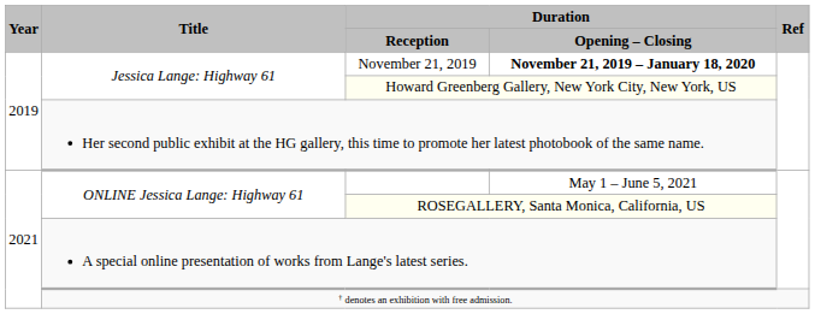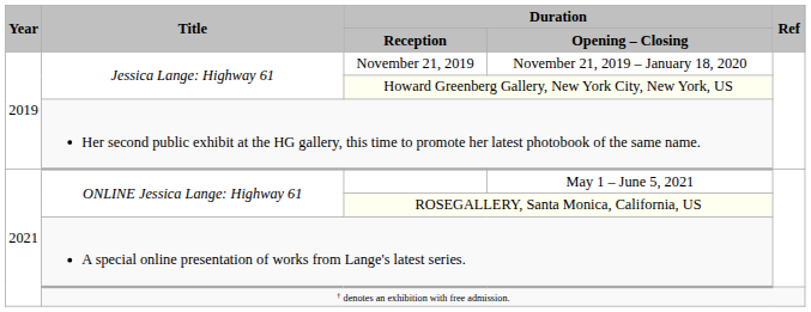 <table class="wikitable">
 <tr>
 <th rowspan=2 style=background-color:#C0C0C0 width=4%>Year</th>
 <th rowspan=2 style=background-color:#C0C0C0 width=38%>Title</th>
 <th colspan=2 style=background-color:#C0C0C0 width=54%>Duration</th>
 <th rowspan=2 style=background-color:#C0C0C0 width=4%>Ref</th>
 </tr>
 <tr>
 <th style=background-color:#C0C0C0 width=18%>Reception</th>
 <th style=background-color:#C0C0C0 width=36%>Opening – Closing</th>
 </tr>
 <tr>
 <td rowspan=3 align=center style=background:white>2019</td>
 <td rowspan=2 align=center style="background:white"><em>Jessica Lange: Highway 61</em></td>
 <td align=center style=background:white>November 21, 2019</td>
-<td align=center style=background:white><strong>November 21, 2019 – January 18, 2020</strong></td>
+<td align=center style=background:white>November 21, 2019 – January 18, 2020</td>
 <td rowspan=3 align=center style=background:white width=4%></td>
 </tr>
 <tr>
 <td colspan=2 align=center style=background-color:#FFFFF0>Howard Greenberg Gallery, New York City, New York, US</td>
 </tr>
 <tr>
 <td colspan=3 style=border-bottom-width:3px padding:5px width=92%><br><ul><li>Her second public exhibit at the HG gallery, this time to promote her latest photobook of the same name.</li></ul></td>
 </tr>
 <tr>
 <td rowspan=12 align=center style=background:white>2021</td>
 <td rowspan=2 align=center style=background:white><em>ONLINE Jessica Lange: Highway 61</em></td>
 <td align=center style=background:white></td>
 <td align=center style=background:white>May 1 – June 5, 2021</td>
 <td rowspan=3 align=center style=background:white width=4%></td>
 </tr>
 <tr>
 <td colspan=2 align=center style=background-color:#FFFFF0>ROSEGALLERY, Santa Monica, California, US</td>
 </tr>
 <tr>
 <td colspan=3 style=border-bottom-width:3px padding:5px width=92%><br><ul><li>A special online presentation of works from Lange's latest series.</li></ul></td>
 </tr>
 <tr>
 <td colspan=5 style=font-size:8pt align=center width=100%><sup>†</sup> denotes an exhibition with free admission.</td>
 </tr>
 </table>
